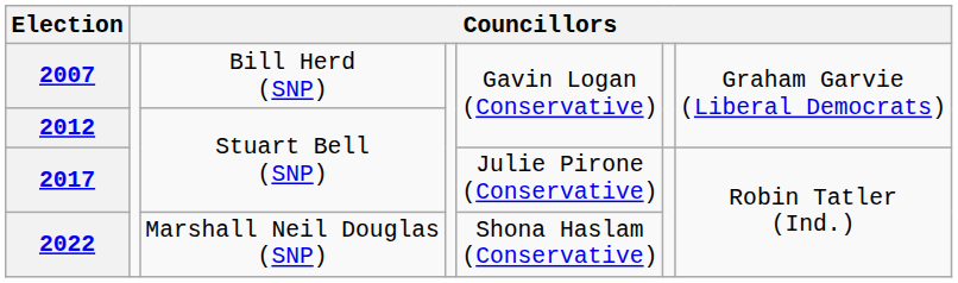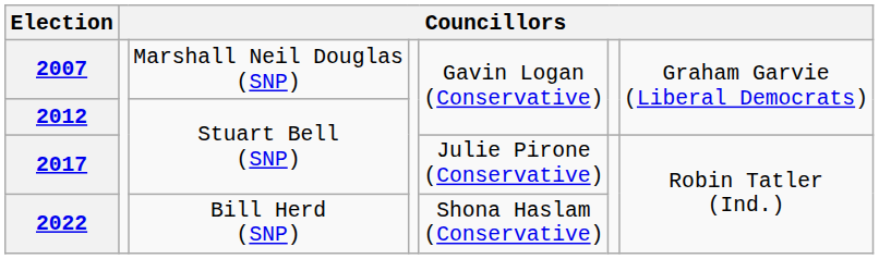 <table class="wikitable" style="text-align:center">
 <tr>
 <th>Election</th>
 <th colspan=8>Councillors</th>
 </tr>
 <tr>
 <th><a href='#'>2007</a></th>
 <td rowspan=4; style="background-color: "></td>
-<td rowspan=1>Bill Herd<br>(<a href='#'>SNP</a>)</td>
+<td rowspan=1>Marshall Neil Douglas<br>(<a href='#'>SNP</a>)</td>
 <td rowspan=4; style="background-color: "></td>
 <td rowspan=2>Gavin Logan<br>(<a href='#'>Conservative</a>)</td>
 <td rowspan=2; style="background-color: "></td>
 <td rowspan=2>Graham Garvie<br>(<a href='#'>Liberal Democrats</a>)</td>
 </tr>
 <tr>
 <th><a href='#'>2012</a></th>
 <td rowspan=2>Stuart Bell<br>(<a href='#'>SNP</a>)</td>
 </tr>
 <tr>
 <th><a href='#'>2017</a></th>
 <td rowspan=1>Julie Pirone<br>(<a href='#'>Conservative</a>)</td>
 <td rowspan=2; style="background-color: "></td>
 <td rowspan=2>Robin Tatler<br>(Ind.)</td>
 </tr>
 <tr>
 <th><a href='#'>2022</a></th>
-<td rowspan=1>Marshall Neil Douglas<br>(<a href='#'>SNP</a>)</td>
+<td rowspan=1>Bill Herd<br>(<a href='#'>SNP</a>)</td>
 <td rowspan=1>Shona Haslam<br>(<a href='#'>Conservative</a>)</td>
 </tr>
 </table>
